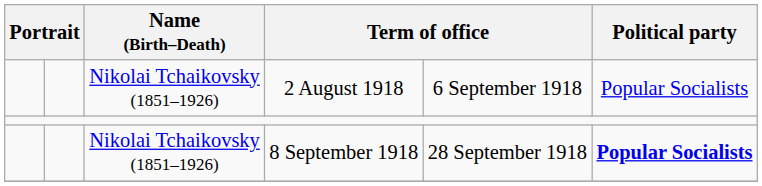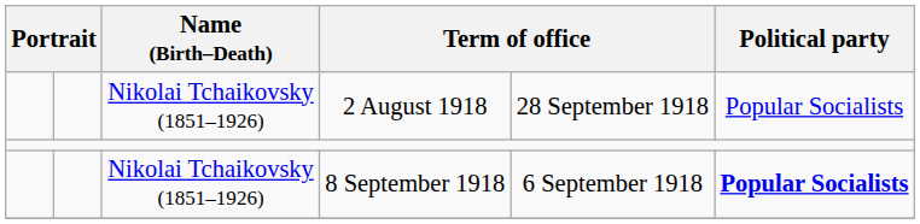 <table class="wikitable" style="text-align:center">
 <tr>
 <th colspan=2>Portrait</th>
 <th>Name<br><small>(Birth–Death)</small></th>
 <th colspan=2>Term of office</th>
 <th>Political party</th>
 </tr>
 <tr>
 <td style="background:"></td>
 <td></td>
 <td scope="row" style="font-weight:normal;"><a href='#'>Nikolai Tchaikovsky</a><br><small>(1851–1926)</small></td>
 <td>2 August 1918</td>
-<td>6 September 1918</td>
+<td>28 September 1918</td>
 <td><a href='#'>Popular Socialists</a></td>
 </tr>
 <tr>
 <td colspan=6></td>
 </tr>
 <tr>
 <td style="background:"></td>
 <td></td>
 <td scope="row" style="font-weight:normal;"><a href='#'>Nikolai Tchaikovsky</a><br><small>(1851–1926)</small></td>
 <td>8 September 1918</td>
-<td>28 September 1918</td>
+<td>6 September 1918</td>
 <td><strong><a href='#'>Popular Socialists</a></strong></td>
 </tr>
 <tr>
 </tr>
 </table>
